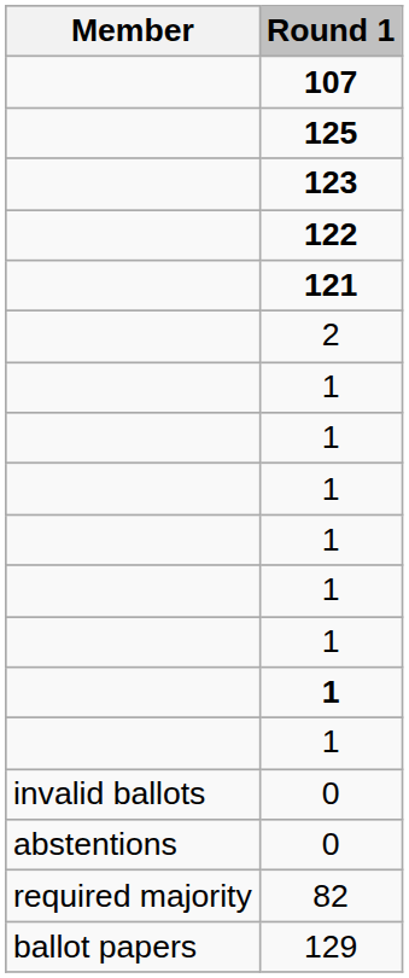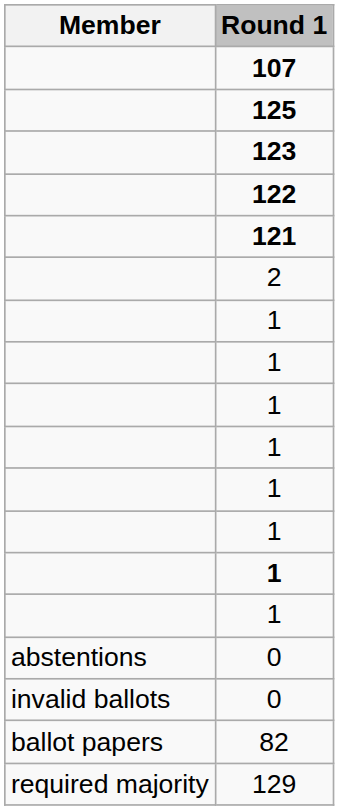 <table class="wikitable collapsible">
 <tr>
 <th>Member</th>
 <td style="background:silver;"><strong>Round 1</strong></td>
 </tr>
 <tr>
 <td></td>
 <td style="text-align:center;"><strong>107</strong></td>
 </tr>
 <tr>
 <td></td>
 <td style="text-align:center;"><strong>125</strong></td>
 </tr>
 <tr>
 <td></td>
 <td style="text-align:center;"><strong>123</strong></td>
 </tr>
 <tr>
 <td></td>
 <td style="text-align:center;"><strong>122</strong></td>
 </tr>
 <tr>
 <td></td>
 <td style="text-align:center;"><strong>121</strong></td>
 </tr>
 <tr>
 <td></td>
 <td style="text-align:center;">2</td>
 </tr>
 <tr>
 <td></td>
 <td style="text-align:center;">1</td>
 </tr>
 <tr>
 <td></td>
 <td style="text-align:center;">1</td>
 </tr>
 <tr>
 <td></td>
 <td style="text-align:center;">1</td>
 </tr>
 <tr>
 <td></td>
 <td style="text-align:center;">1</td>
 </tr>
 <tr>
 <td></td>
 <td style="text-align:center;">1</td>
 </tr>
 <tr>
 <td></td>
 <td style="text-align:center;">1</td>
 </tr>
 <tr>
 <td></td>
 <td style="text-align:center;"><strong>1</strong></td>
 </tr>
 <tr>
 <td></td>
 <td style="text-align:center;">1</td>
 </tr>
 <tr>
+<td>abstentions</td>
+<td style="text-align:center;">0</td>
+</tr>
+<tr>
 <td>invalid ballots</td>
 <td style="text-align:center;">0</td>
 </tr>
 <tr>
-<td>abstentions</td>
-<td style="text-align:center;">0</td>
+<td>ballot papers</td>
+<td style="text-align:center;">82</td>
 </tr>
 <tr>
 <td>required majority</td>
-<td style="text-align:center;">82</td>
-</tr>
-<tr>
-<td>ballot papers</td>
 <td style="text-align:center;">129</td>
 </tr>
 </table>
